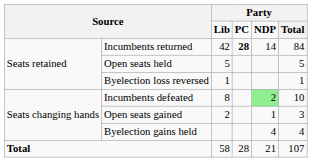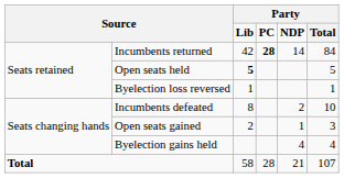 <table class="wikitable" style="text-align:right;">
 <tr>
 <th colspan="2" rowspan="2">Source</th>
 <th colspan="6">Party</th>
 </tr>
 <tr>
 <td><strong>Lib</strong></td>
 <td><strong>PC</strong></td>
 <td><strong>NDP</strong></td>
 <th>Total</th>
 </tr>
 <tr>
 <td rowspan="3" style="text-align:left;">Seats retained</td>
 <td style="text-align:left;">Incumbents returned</td>
 <td>42</td>
 <td><strong>28</strong></td>
 <td>14</td>
 <td>84</td>
 </tr>
 <tr>
 <td style="text-align:left;">Open seats held</td>
-<td>5</td>
+<td><strong>5</strong></td>
 <td></td>
 <td></td>
 <td>5</td>
 </tr>
 <tr>
 <td style="text-align:left;">Byelection loss reversed</td>
 <td>1</td>
 <td></td>
 <td></td>
 <td>1</td>
 </tr>
 <tr>
 <td rowspan="3" style="text-align:left;">Seats changing hands</td>
 <td style="text-align:left;">Incumbents defeated</td>
 <td>8</td>
 <td></td>
-<td style="background: lightgreen;">2</td>
+<td>2</td>
 <td>10</td>
 </tr>
 <tr>
 <td style="text-align:left;">Open seats gained</td>
 <td>2</td>
 <td></td>
 <td>1</td>
 <td>3</td>
 </tr>
 <tr>
 <td style="text-align:left;">Byelection gains held</td>
 <td></td>
 <td></td>
 <td>4</td>
 <td>4</td>
 </tr>
 <tr>
 <td colspan="2" style="text-align:left;"><strong>Total</strong></td>
 <td>58</td>
 <td>28</td>
 <td>21</td>
 <td>107</td>
 </tr>
 </table>
